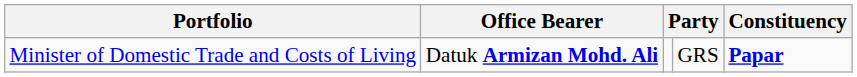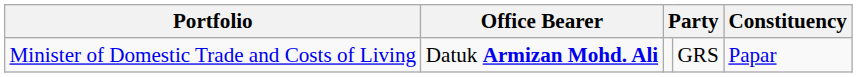 <table class="sortable wikitable">
 <tr>
 <th>Portfolio</th>
 <th>Office Bearer</th>
 <th colspan="2">Party</th>
 <th>Constituency</th>
 </tr>
 <tr>
 <td><a href='#'>Minister of Domestic Trade and Costs of Living</a></td>
 <td>Datuk <strong><a href='#'>Armizan Mohd. Ali</a></strong> </td>
 <td></td>
 <td>GRS</td>
-<td><strong><a href='#'>Papar</a></strong></td>
+<td><a href='#'>Papar</a></td>
 </tr>
 </table>
